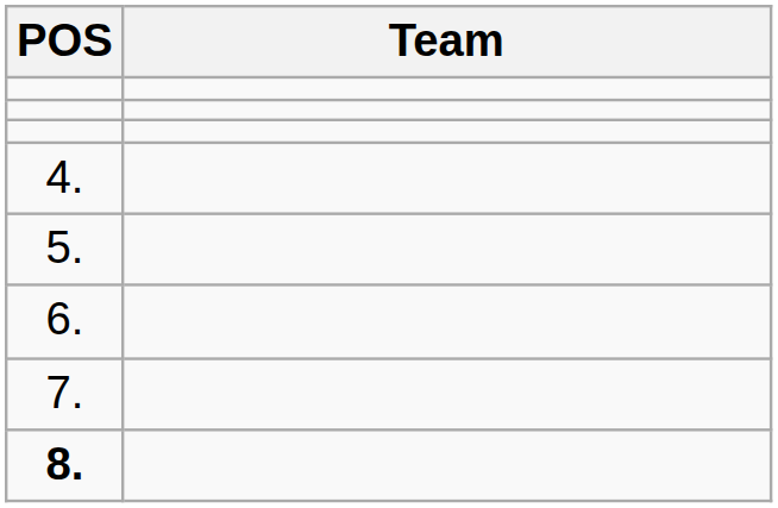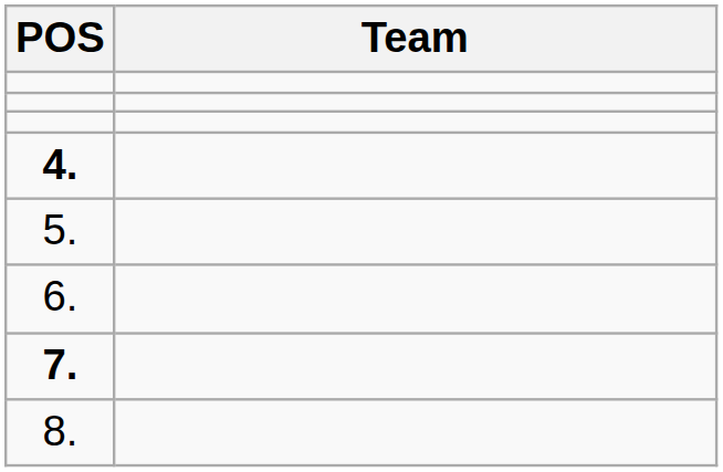 <table class=wikitable style="text-align:center">
 <tr>
 <th width=20>POS</th>
 <th width=220>Team</th>
 </tr>
 <tr>
 <td align=center></td>
 <td align=left></td>
 </tr>
 <tr>
 <td align=center></td>
 <td align=left></td>
 </tr>
 <tr>
 <td align=center></td>
 <td align=left></td>
 </tr>
 <tr>
-<td align=center>4.</td>
+<td align=center><strong>4.</strong></td>
 <td align=left></td>
 </tr>
 <tr>
 <td align=center>5.</td>
 <td align=left></td>
 </tr>
 <tr>
 <td align=center>6.</td>
 <td align=left></td>
 </tr>
 <tr>
-<td align=center>7.</td>
+<td align=center><strong>7.</strong></td>
 <td align=left></td>
 </tr>
 <tr>
-<td align=center><strong>8.</strong></td>
+<td align=center>8.</td>
 <td align=left></td>
 </tr>
 </table>
